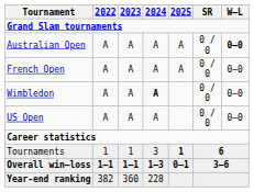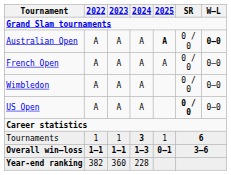 <table class=wikitable style=text-align:center;>
 <tr>
 <th>Tournament</th>
 <th><a href='#'>2022</a></th>
 <th><a href='#'>2023</a></th>
 <th><a href='#'>2024</a></th>
 <th><a href='#'>2025</a></th>
 <th width=35>SR</th>
 <th width=35>W–L</th>
 </tr>
 <tr>
 <td colspan="7" align="left"><strong><a href='#'>Grand Slam tournaments</a></strong></td>
 </tr>
 <tr>
 <td align=left><a href='#'>Australian Open</a></td>
 <td>A</td>
 <td>A</td>
 <td>A</td>
-<td>A</td>
+<td><strong>A</strong></td>
 <td>0 / 0</td>
 <td><strong>0–0</strong></td>
 </tr>
 <tr>
 <td align=left><a href='#'>French Open</a></td>
 <td>A</td>
 <td>A</td>
 <td>A</td>
 <td>A</td>
 <td>0 / 0</td>
 <td>0–0</td>
 </tr>
 <tr>
 <td align=left><a href='#'>Wimbledon</a></td>
 <td>A</td>
 <td>A</td>
-<td><strong>A</strong></td>
+<td>A</td>
 <td></td>
 <td>0 / 0</td>
 <td>0–0</td>
 </tr>
 <tr>
 <td align=left><a href='#'>US Open</a></td>
 <td>A</td>
 <td>A</td>
 <td>A</td>
 <td></td>
-<td>0 / 0</td>
+<td><strong>0 / 0</strong></td>
 <td>0–0</td>
 </tr>
 <tr>
 <td colspan="7" align="left"><strong>Career statistics</strong></td>
 </tr>
 <tr bgcolor=efefef>
 <td align=left>Tournaments</td>
 <td>1</td>
 <td>1</td>
-<td>3</td>
-<td><strong>1</strong></td>
+<td><strong>3</strong></td>
+<td>1</td>
 <td colspan=2><strong>6</strong></td>
 </tr>
 <tr style="font-weight:bold; background:#efefef;">
 <td style="text-align:left;">Overall win–loss</td>
 <td>1–1</td>
 <td>1–1</td>
 <td>1–3</td>
 <td>0–1</td>
 <td colspan=2>3–6</td>
 </tr>
 <tr bgcolor=efefef>
 <td align=left><strong>Year-end ranking</strong></td>
 <td>382</td>
 <td>360</td>
 <td>228</td>
 <td></td>
 <td colspan=2></td>
 </tr>
 </table>
